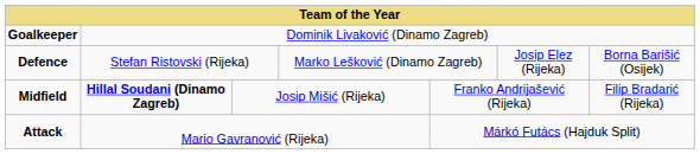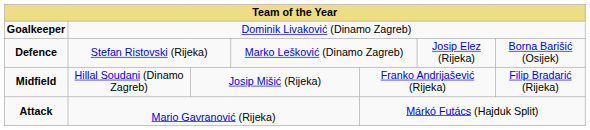 <table class="wikitable" style="text-align:center">
 <tr>
 <th style="background-color: #eedd82"     colspan="8">Team of the Year</th>
 </tr>
 <tr>
 <td><strong>Goalkeeper</strong></td>
 <td colspan="7"> <a href='#'>Dominik Livaković</a> (Dinamo Zagreb)</td>
 </tr>
 <tr>
 <td><strong>Defence</strong></td>
 <td colspan="2"> <a href='#'>Stefan Ristovski</a> (Rijeka)</td>
 <td colspan="2"> <a href='#'>Marko Lešković</a> (Dinamo Zagreb)</td>
 <td colspan="2"> <a href='#'>Josip Elez</a> (Rijeka)</td>
 <td> <a href='#'>Borna Barišić</a> (Osijek)</td>
 </tr>
 <tr>
 <td><strong>Midfield</strong></td>
-<td><strong> <a href='#'>Hillal Soudani</a> (Dinamo Zagreb)</strong></td>
+<td> <a href='#'>Hillal Soudani</a> (Dinamo Zagreb)</td>
 <td colspan="2"> <a href='#'>Josip Mišić</a> (Rijeka)</td>
 <td colspan="2"> <a href='#'>Franko Andrijašević</a> (Rijeka)</td>
 <td colspan="2"> <a href='#'>Filip Bradarić</a> (Rijeka)</td>
 </tr>
 <tr>
 <td><strong>Attack</strong></td>
 <td colspan="3"><br> <a href='#'>Mario Gavranović</a> (Rijeka)</td>
 <td colspan="4"> <a href='#'>Márkó Futács</a> (Hajduk Split)</td>
 </tr>
 </table>
